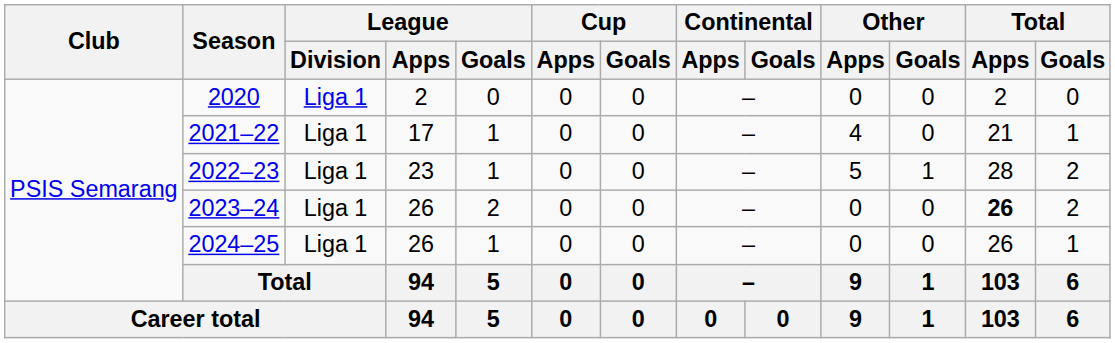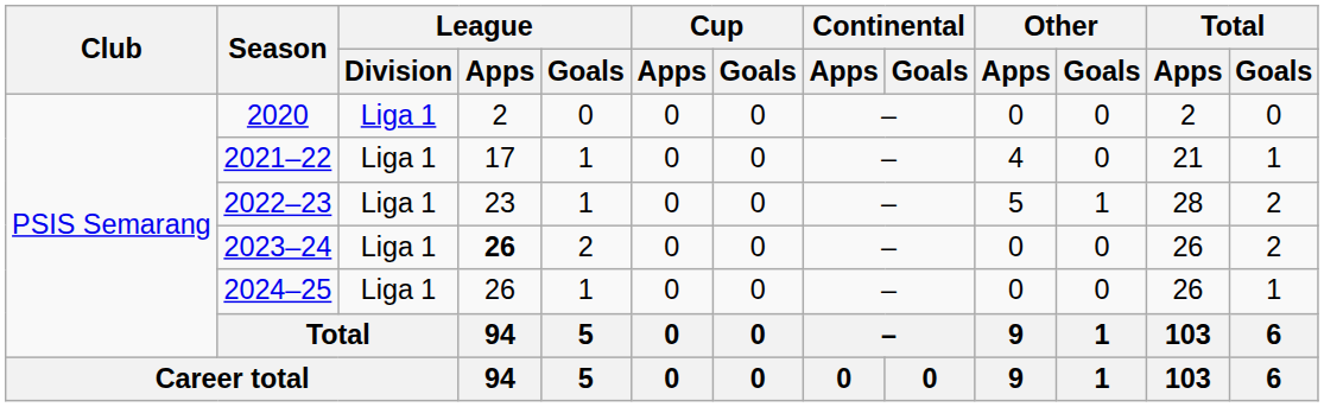 <table class="wikitable" style="text-align: center">
 <tr>
 <th rowspan="2">Club</th>
 <th rowspan="2">Season</th>
 <th colspan="3">League</th>
 <th colspan="2">Cup</th>
 <th colspan="2">Continental</th>
 <th colspan="2">Other</th>
 <th colspan="2">Total</th>
 </tr>
 <tr>
 <th>Division</th>
 <th>Apps</th>
 <th>Goals</th>
 <th>Apps</th>
 <th>Goals</th>
 <th>Apps</th>
 <th>Goals</th>
 <th>Apps</th>
 <th>Goals</th>
 <th>Apps</th>
 <th>Goals</th>
 </tr>
 <tr>
 <td rowspan="6"><a href='#'>PSIS Semarang</a></td>
 <td><a href='#'>2020</a></td>
 <td rowspan="1" valign="center"><a href='#'>Liga 1</a></td>
 <td>2</td>
 <td>0</td>
 <td>0</td>
 <td>0</td>
 <td colspan="2">–</td>
 <td>0</td>
 <td>0</td>
 <td>2</td>
 <td>0</td>
 </tr>
 <tr>
 <td><a href='#'>2021–22</a></td>
 <td rowspan="1">Liga 1</td>
 <td>17</td>
 <td>1</td>
 <td>0</td>
 <td>0</td>
 <td colspan="2">–</td>
 <td>4</td>
 <td>0</td>
 <td>21</td>
 <td>1</td>
 </tr>
 <tr>
 <td><a href='#'>2022–23</a></td>
 <td>Liga 1</td>
 <td>23</td>
 <td>1</td>
 <td>0</td>
 <td>0</td>
 <td colspan="2">–</td>
 <td>5</td>
 <td>1</td>
 <td>28</td>
 <td>2</td>
 </tr>
 <tr>
 <td><a href='#'>2023–24</a></td>
 <td>Liga 1</td>
-<td>26</td>
+<td><strong>26</strong></td>
 <td>2</td>
 <td>0</td>
 <td>0</td>
 <td colspan="2">–</td>
 <td>0</td>
 <td>0</td>
-<td><strong>26</strong></td>
+<td>26</td>
 <td>2</td>
 </tr>
 <tr>
 <td><a href='#'>2024–25</a></td>
 <td>Liga 1</td>
 <td>26</td>
 <td>1</td>
 <td>0</td>
 <td>0</td>
 <td colspan="2">–</td>
 <td>0</td>
 <td>0</td>
 <td>26</td>
 <td>1</td>
 </tr>
 <tr>
 <th colspan="2">Total</th>
 <th>94</th>
 <th>5</th>
 <th>0</th>
 <th>0</th>
 <th colspan="2">–</th>
 <th>9</th>
 <th>1</th>
 <th>103</th>
 <th>6</th>
 </tr>
 <tr>
 <th colspan=3>Career total</th>
 <th>94</th>
 <th>5</th>
 <th>0</th>
 <th>0</th>
 <th>0</th>
 <th>0</th>
 <th>9</th>
 <th>1</th>
 <th>103</th>
 <th>6</th>
 </tr>
 </table>
